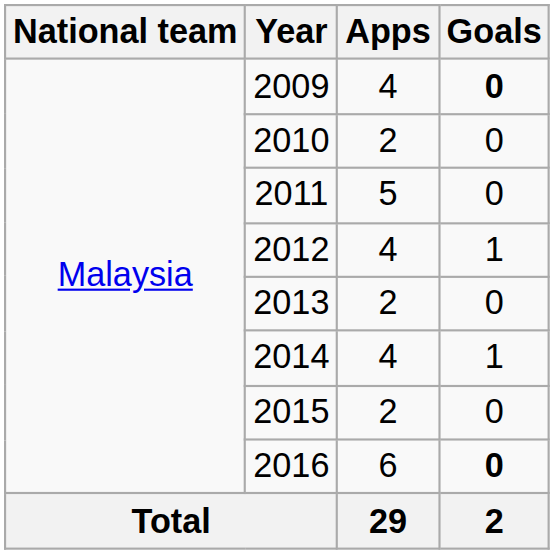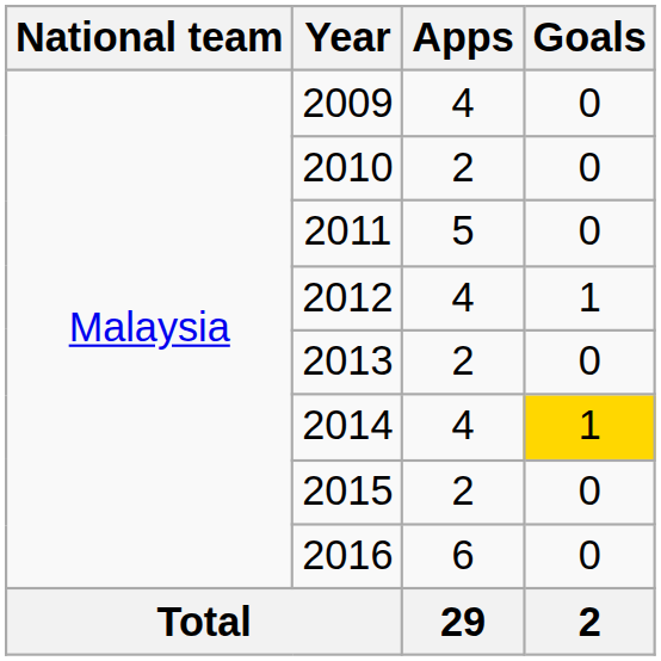 <table class=wikitable style="text-align: center;">
 <tr>
 <th>National team</th>
 <th>Year</th>
 <th>Apps</th>
 <th>Goals</th>
 </tr>
 <tr>
 <td rowspan=8><a href='#'>Malaysia</a></td>
 <td>2009</td>
 <td>4</td>
-<td><strong>0</strong></td>
+<td>0</td>
 </tr>
 <tr>
 <td>2010</td>
 <td>2</td>
 <td>0</td>
 </tr>
 <tr>
 <td>2011</td>
 <td>5</td>
 <td>0</td>
 </tr>
 <tr>
 <td>2012</td>
 <td>4</td>
 <td>1</td>
 </tr>
 <tr>
 <td>2013</td>
 <td>2</td>
 <td>0</td>
 </tr>
 <tr>
 <td>2014</td>
 <td>4</td>
-<td>1</td>
+<td style="background: gold;">1</td>
 </tr>
 <tr>
 <td>2015</td>
 <td>2</td>
 <td>0</td>
 </tr>
 <tr>
 <td>2016</td>
 <td>6</td>
-<td><strong>0</strong></td>
+<td>0</td>
 </tr>
 <tr>
 <th colspan=2>Total</th>
 <th>29</th>
 <th>2</th>
 </tr>
 </table>
